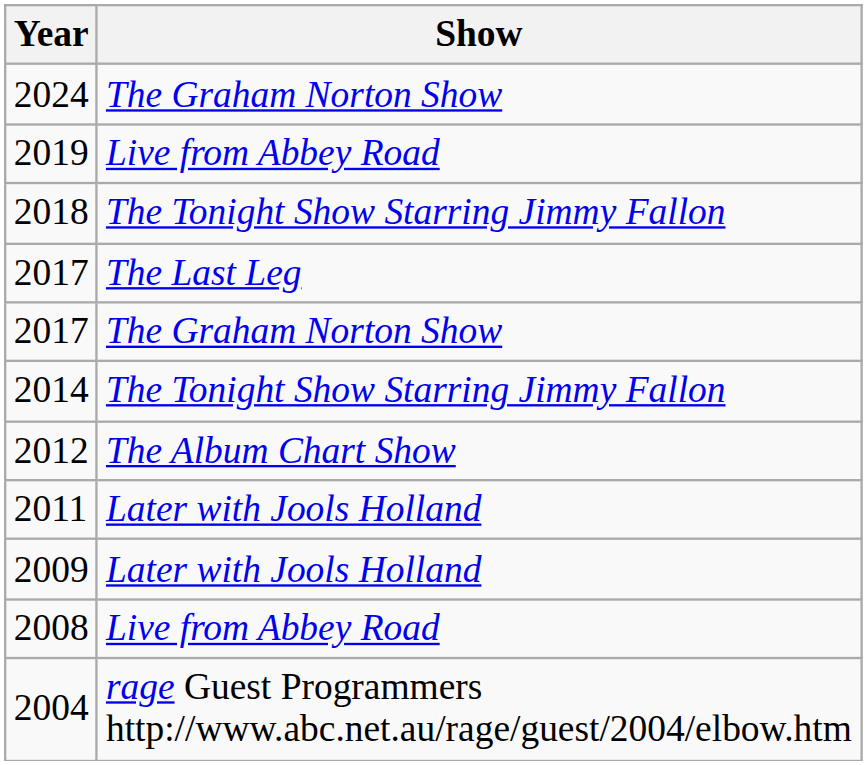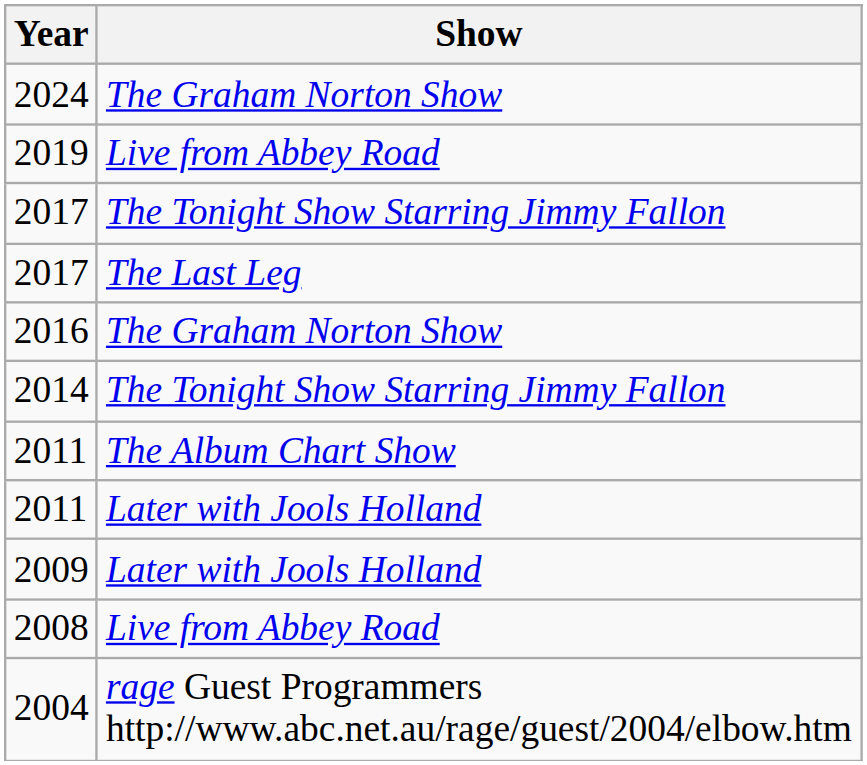 <table class="wikitable">
 <tr>
 <th>Year</th>
 <th>Show</th>
 </tr>
 <tr>
 <td>2024</td>
 <td><em><a href='#'>The Graham Norton Show</a></em></td>
 </tr>
 <tr>
 <td>2019</td>
 <td><em><a href='#'>Live from Abbey Road</a></em></td>
 </tr>
 <tr>
-<td>2018</td>
+<td>2017</td>
 <td><em><a href='#'>The Tonight Show Starring Jimmy Fallon</a></em></td>
 </tr>
 <tr>
 <td>2017</td>
 <td><em><a href='#'>The Last Leg</a></em></td>
 </tr>
 <tr>
-<td>2017</td>
+<td>2016</td>
 <td><em><a href='#'>The Graham Norton Show</a></em></td>
 </tr>
 <tr>
 <td>2014</td>
 <td><em><a href='#'>The Tonight Show Starring Jimmy Fallon</a></em></td>
 </tr>
 <tr>
-<td>2012</td>
+<td>2011</td>
 <td><em><a href='#'>The Album Chart Show</a></em></td>
 </tr>
 <tr>
 <td>2011</td>
 <td><em><a href='#'>Later with Jools Holland</a></em></td>
 </tr>
 <tr>
 <td>2009</td>
 <td><em><a href='#'>Later with Jools Holland</a></em></td>
 </tr>
 <tr>
 <td>2008</td>
 <td><em><a href='#'>Live from Abbey Road</a></em></td>
 </tr>
 <tr>
 <td>2004</td>
 <td><em><a href='#'>rage</a></em> Guest Programmers<br>http://www.abc.net.au/rage/guest/2004/elbow.htm</td>
 </tr>
 </table>
